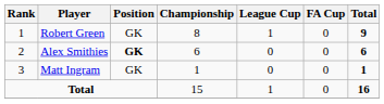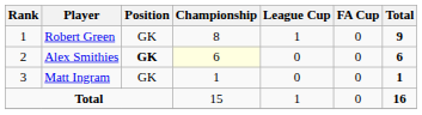 <table class="wikitable">
 <tr>
 <th>Rank</th>
 <th>Player</th>
 <th>Position</th>
 <th>Championship</th>
 <th>League Cup</th>
 <th>FA Cup</th>
 <th>Total</th>
 </tr>
 <tr>
 <td align=center>1</td>
 <td> <a href='#'>Robert Green</a></td>
 <td align=center>GK</td>
 <td align=center>8</td>
 <td align=center>1</td>
 <td align=center>0</td>
 <td align=center><strong>9</strong></td>
 </tr>
 <tr>
 <td align=center>2</td>
 <td> <a href='#'>Alex Smithies</a></td>
 <td align=center><strong>GK</strong></td>
-<td align=center>6</td>
+<td align=center style="background: lightyellow;">6</td>
 <td align=center>0</td>
 <td align=center>0</td>
 <td align=center><strong>6</strong></td>
 </tr>
 <tr>
 <td align=center>3</td>
 <td> <a href='#'>Matt Ingram</a></td>
 <td align=center>GK</td>
 <td align=center>1</td>
 <td align=center>0</td>
 <td align=center>0</td>
 <td align=center><strong>1</strong></td>
 </tr>
 <tr>
 <td colspan=3 align=center><strong>Total</strong></td>
 <td align=center>15</td>
 <td align=center>1</td>
 <td align=center>0</td>
 <td align=center><strong>16</strong></td>
 </tr>
 <tr>
 </tr>
 </table>
